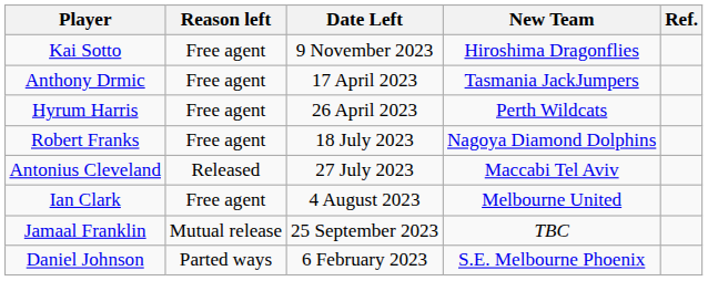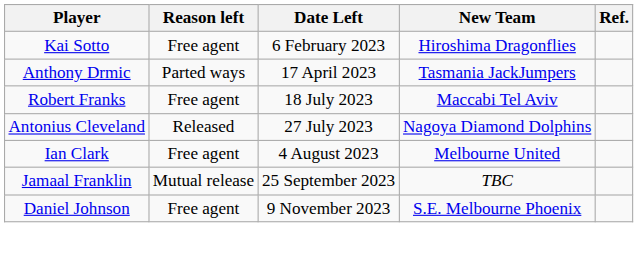 <table class="wikitable sortable sortable" style="text-align: center">
 <tr>
 <th>Player</th>
 <th>Reason left</th>
 <th>Date Left</th>
 <th>New Team</th>
 <th>Ref.</th>
 </tr>
 <tr>
 <td><a href='#'>Kai Sotto</a></td>
 <td>Free agent</td>
-<td>9 November 2023</td>
+<td>6 February 2023</td>
 <td><a href='#'>Hiroshima Dragonflies</a></td>
 <td></td>
 </tr>
 <tr>
 <td><a href='#'>Anthony Drmic</a></td>
-<td>Free agent</td>
+<td>Parted ways</td>
 <td>17 April 2023</td>
 <td><a href='#'>Tasmania JackJumpers</a></td>
-<td></td>
-</tr>
-<tr>
-<td><a href='#'>Hyrum Harris</a></td>
-<td>Free agent</td>
-<td>26 April 2023</td>
-<td><a href='#'>Perth Wildcats</a></td>
 <td></td>
 </tr>
 <tr>
 <td><a href='#'>Robert Franks</a></td>
 <td>Free agent</td>
 <td>18 July 2023</td>
-<td><a href='#'>Nagoya Diamond Dolphins</a></td>
+<td><a href='#'>Maccabi Tel Aviv</a></td>
 <td></td>
 </tr>
 <tr>
 <td><a href='#'>Antonius Cleveland</a></td>
 <td>Released</td>
 <td>27 July 2023</td>
-<td><a href='#'>Maccabi Tel Aviv</a></td>
+<td><a href='#'>Nagoya Diamond Dolphins</a></td>
 <td></td>
 </tr>
 <tr>
 <td><a href='#'>Ian Clark</a></td>
 <td>Free agent</td>
 <td>4 August 2023</td>
 <td><a href='#'>Melbourne United</a></td>
 <td></td>
 </tr>
 <tr>
 <td><a href='#'>Jamaal Franklin</a></td>
 <td>Mutual release</td>
 <td>25 September 2023</td>
 <td><em>TBC</em></td>
 <td></td>
 </tr>
 <tr>
 <td><a href='#'>Daniel Johnson</a></td>
-<td>Parted ways</td>
-<td>6 February 2023</td>
+<td>Free agent</td>
+<td>9 November 2023</td>
 <td><a href='#'>S.E. Melbourne Phoenix</a></td>
 <td></td>
 </tr>
 </table>
